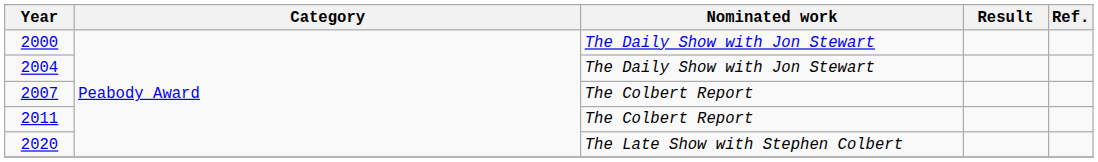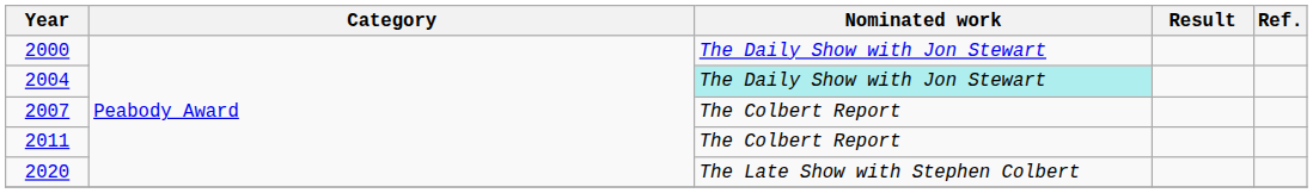 <table class=wikitable>
 <tr>
 <th scope="col" style="width:4em;">Year</th>
 <th scope="col" style="width:32em;">Category</th>
 <th scope="col" style="width:24em;">Nominated work</th>
 <th scope="col" style="width:5em;">Result</th>
 <th>Ref.</th>
 </tr>
 <tr>
 <td style="text-align:center;"><a href='#'>2000</a></td>
 <td rowspan=5><a href='#'>Peabody Award</a></td>
 <td><em><a href='#'>The Daily Show with Jon Stewart</a></em></td>
 <td></td>
 <td></td>
 </tr>
 <tr>
 <td style="text-align:center;"><a href='#'>2004</a></td>
-<td><em>The Daily Show with Jon Stewart</em></td>
+<td style="background: paleturquoise;"><em>The Daily Show with Jon Stewart</em></td>
 <td></td>
 <td></td>
 </tr>
 <tr>
 <td style="text-align:center;"><a href='#'>2007</a></td>
 <td><em>The Colbert Report</em></td>
 <td></td>
 <td></td>
 </tr>
 <tr>
 <td style="text-align:center;"><a href='#'>2011</a></td>
 <td><em>The Colbert Report</em></td>
 <td></td>
 <td></td>
 </tr>
 <tr>
 <td style="text-align:center;"><a href='#'>2020</a></td>
 <td><em>The Late Show with Stephen Colbert</em></td>
 <td></td>
 <td></td>
 </tr>
 <tr>
 </tr>
 </table>
